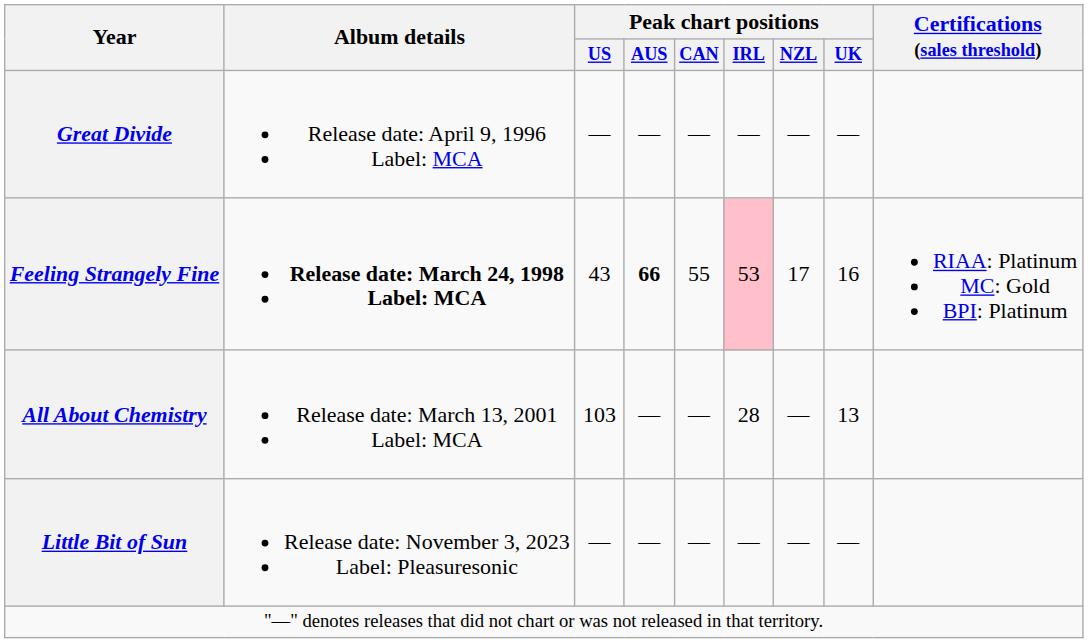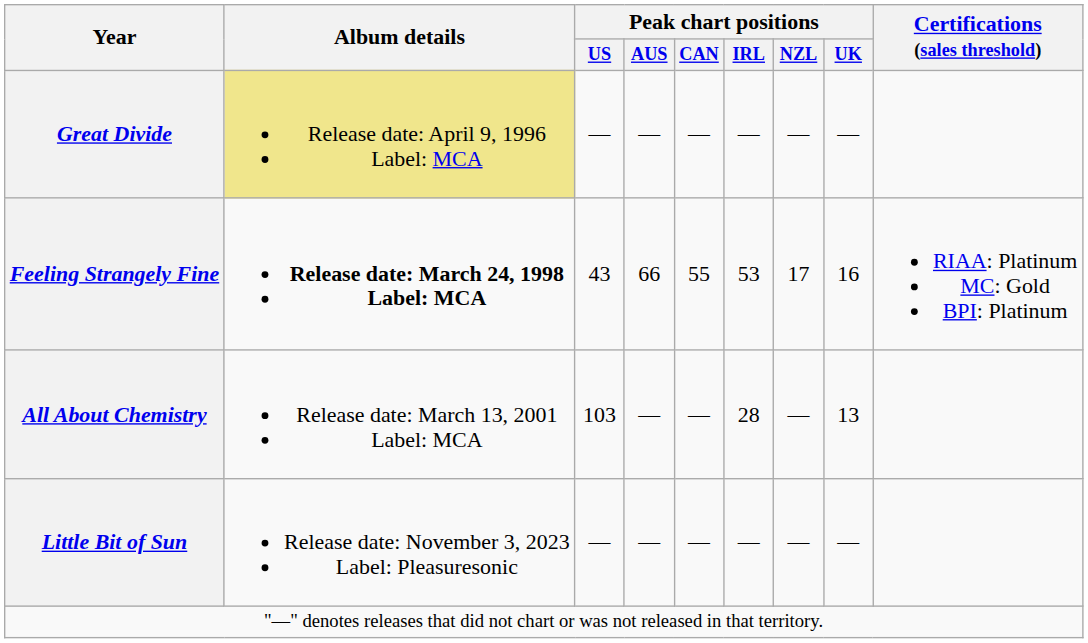 <table class="wikitable plainrowheaders" style="text-align:center;">
 <tr>
 <th rowspan="2">Year</th>
 <th rowspan="2">Album details</th>
 <th colspan="6">Peak chart positions</th>
 <th rowspan="2"><a href='#'>Certifications</a><br><small>(<a href='#'>sales threshold</a>)</small></th>
 </tr>
 <tr style="font-size:smaller;">
 <th style="width:30px;"><a href='#'>US</a><br></th>
 <th style="width:30px;"><a href='#'>AUS</a><br></th>
 <th style="width:30px;"><a href='#'>CAN</a><br></th>
 <th style="width:30px;"><a href='#'>IRL</a><br></th>
 <th style="width:30px;"><a href='#'>NZL</a><br></th>
 <th style="width:30px;"><a href='#'>UK</a><br></th>
 </tr>
 <tr>
 <th scope="row"><em><a href='#'>Great Divide</a></em></th>
-<td><br><ul><li>Release date: April 9, 1996</li><li>Label: <a href='#'>MCA</a></li></ul></td>
+<td style="background: khaki;"><br><ul><li>Release date: April 9, 1996</li><li>Label: <a href='#'>MCA</a></li></ul></td>
 <td>—</td>
 <td>—</td>
 <td>—</td>
 <td>—</td>
 <td>—</td>
 <td>—</td>
 <td></td>
 </tr>
 <tr>
 <th scope="row"><em><a href='#'>Feeling Strangely Fine</a></em></th>
 <td><strong><br><ul><li>Release date: March 24, 1998</li><li>Label: MCA</li></ul></strong></td>
 <td>43</td>
-<td><strong>66</strong></td>
+<td>66</td>
 <td>55</td>
-<td style="background: pink;">53</td>
+<td>53</td>
 <td>17</td>
 <td>16</td>
 <td><br><ul><li><a href='#'>RIAA</a>: Platinum</li><li><a href='#'>MC</a>: Gold</li><li><a href='#'>BPI</a>: Platinum</li></ul></td>
 </tr>
 <tr>
 <th scope="row"><em><a href='#'>All About Chemistry</a></em></th>
 <td><br><ul><li>Release date: March 13, 2001</li><li>Label: MCA</li></ul></td>
 <td>103</td>
 <td>—</td>
 <td>—</td>
 <td>28</td>
 <td>—</td>
 <td>13</td>
 <td></td>
 </tr>
 <tr>
 <th scope="row"><em><a href='#'>Little Bit of Sun</a></em></th>
 <td><br><ul><li>Release date: November 3, 2023</li><li>Label: Pleasuresonic</li></ul></td>
 <td>—</td>
 <td>—</td>
 <td>—</td>
 <td>—</td>
 <td>—</td>
 <td>—</td>
 <td></td>
 </tr>
 <tr>
 <td colspan="9" style="font-size:85%">"—" denotes releases that did not chart or was not released in that territory.</td>
 </tr>
 </table>
